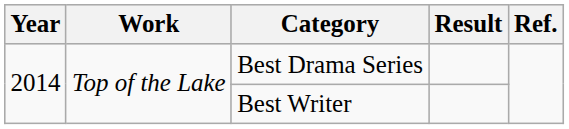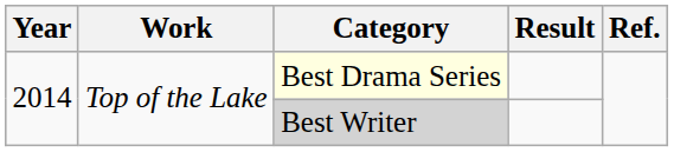 <table class="wikitable">
 <tr>
 <th>Year</th>
 <th>Work</th>
 <th>Category</th>
 <th>Result</th>
 <th>Ref.</th>
 </tr>
 <tr>
 <td rowspan="2">2014</td>
 <td rowspan="2"><em>Top of the Lake</em></td>
-<td>Best Drama Series</td>
+<td style="background: lightyellow;">Best Drama Series</td>
 <td></td>
 <td rowspan="2"></td>
 </tr>
 <tr>
-<td>Best Writer</td>
+<td style="background: lightgrey;">Best Writer</td>
 <td></td>
 </tr>
 </table>
